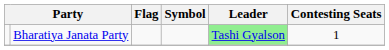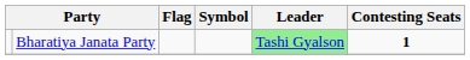 <table class="wikitable" style="text-align:center">
 <tr>
 <th colspan="2">Party</th>
 <th>Flag</th>
 <th>Symbol</th>
 <th>Leader</th>
 <th>Contesting Seats</th>
 </tr>
 <tr>
 <td></td>
 <td><a href='#'>Bharatiya Janata Party</a></td>
 <td></td>
 <td></td>
 <td style="background: lightgreen;"><a href='#'>Tashi Gyalson</a></td>
-<td>1</td>
+<td><strong>1</strong></td>
 </tr>
 <tr>
 </tr>
 </table>
